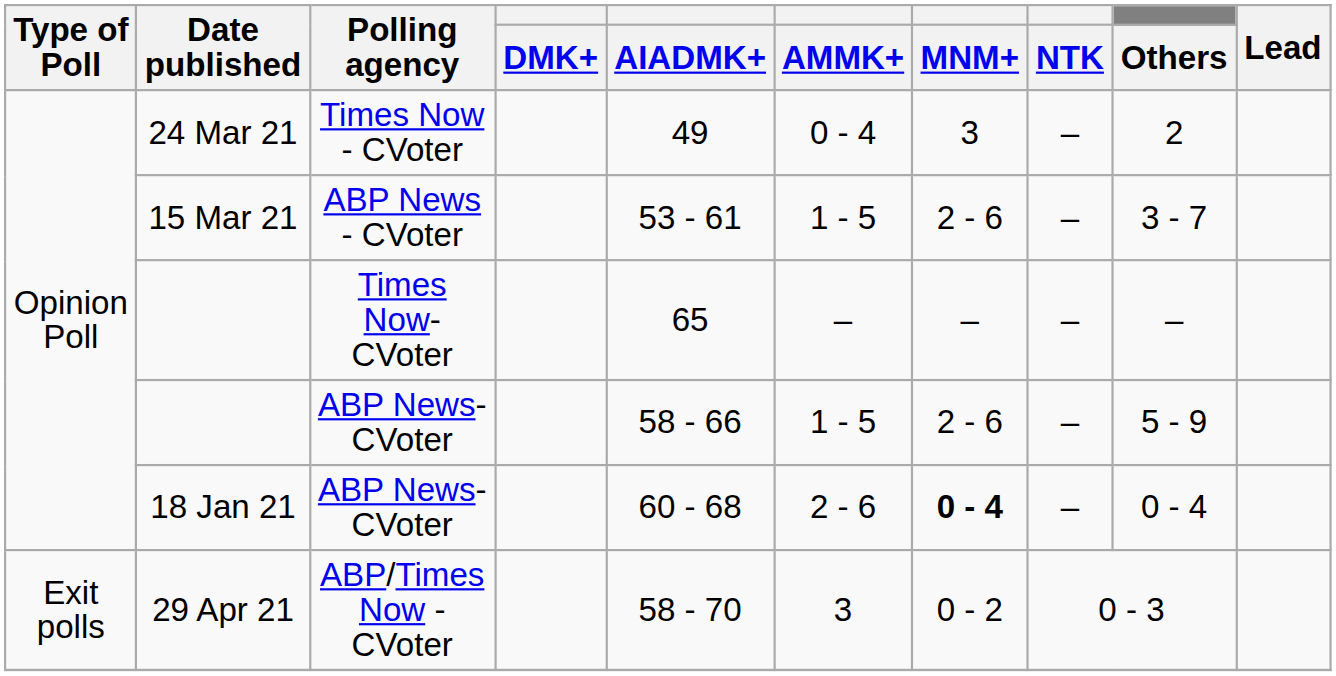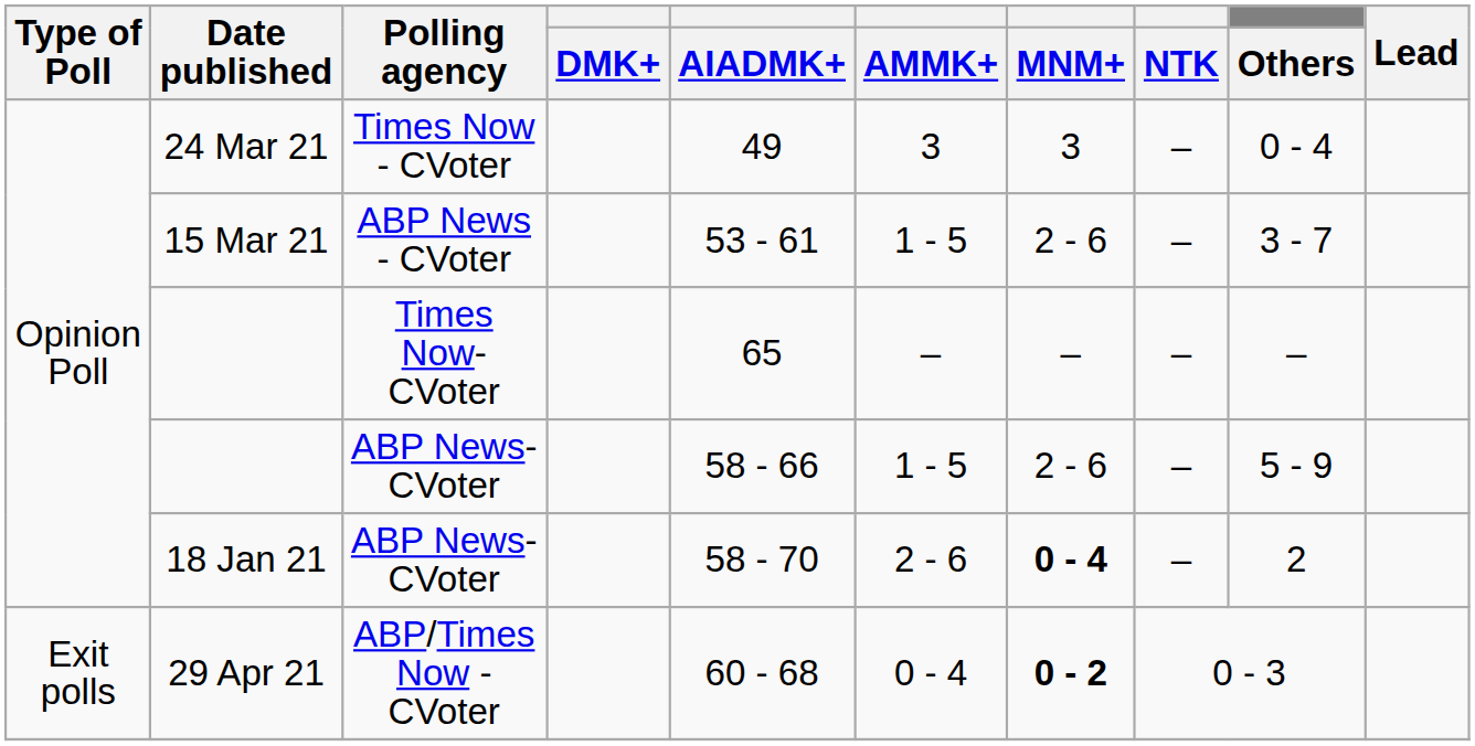 <table class="wikitable sortable" style="text-align:center; font-size:95%; line-height:16px">
 <tr>
 <th rowspan="2" width="100px">Type of Poll</th>
 <th rowspan="2" width="100px">Date published</th>
 <th rowspan="2" width="215px">Polling agency</th>
 <th style="background:"></th>
 <th style="background:"></th>
 <th style="text-align:center; background:"></th>
 <th style="text-align:center; background:"></th>
 <th style="text-align:center; background:"></th>
 <td style="background:gray;"></td>
 <th rowspan="2" width="75px">Lead</th>
 </tr>
 <tr>
 <th style="width:75px;"><a href='#'>DMK+</a></th>
 <th style="width:75px;"><a href='#'>AIADMK+</a></th>
 <th style="width:75px;"><a href='#'>AMMK+</a></th>
 <th style="width:75px;"><a href='#'>MNM+</a></th>
 <th style="width:75px;"><a href='#'>NTK</a></th>
 <th style="width:75px;">Others </th>
 </tr>
 <tr>
 <td rowspan="5">Opinion Poll</td>
 <td>24 Mar 21</td>
 <td><a href='#'>Times Now</a> - CVoter</td>
 <td style="background:"><strong></strong></td>
 <td>49</td>
-<td>0 - 4</td>
+<td>3</td>
 <td>3</td>
 <td>–</td>
-<td>2</td>
+<td>0 - 4</td>
 <td style="background:"><strong></strong></td>
 </tr>
 <tr>
 <td>15 Mar 21</td>
 <td><a href='#'>ABP News</a> - CVoter</td>
 <td style="background:"><strong></strong></td>
 <td>53 - 61</td>
 <td>1 - 5</td>
 <td>2 - 6</td>
 <td>–</td>
 <td>3 - 7</td>
 <td style="background:"><strong></strong></td>
 </tr>
 <tr>
 <td></td>
 <td><a href='#'>Times Now</a>- CVoter</td>
 <td style="background:"><strong></strong></td>
 <td>65</td>
 <td>–</td>
 <td>–</td>
 <td>–</td>
 <td>–</td>
 <td style="background:"><strong></strong></td>
 </tr>
 <tr>
 <td></td>
 <td><a href='#'>ABP News</a>- CVoter</td>
 <td style="background:"><strong></strong></td>
 <td>58 - 66</td>
 <td>1 - 5</td>
 <td>2 - 6</td>
 <td>–</td>
 <td>5 - 9</td>
 <td style="background:"><strong></strong></td>
 </tr>
 <tr>
 <td>18 Jan 21</td>
 <td><a href='#'>ABP News</a>- CVoter</td>
 <td style="background:"><strong></strong></td>
-<td>60 - 68</td>
+<td>58 - 70</td>
 <td>2 - 6</td>
 <td><strong>0 - 4</strong></td>
 <td>–</td>
-<td>0 - 4</td>
+<td>2</td>
 <td style="background:"><strong></strong></td>
 </tr>
 <tr>
 <td>Exit polls</td>
 <td rowspan="1">29 Apr 21</td>
 <td><a href='#'>ABP</a>/<a href='#'>Times Now</a> - CVoter</td>
 <td style="background:"><strong></strong></td>
-<td>58 - 70</td>
-<td>3</td>
-<td>0 - 2</td>
+<td>60 - 68</td>
+<td>0 - 4</td>
+<td><strong>0 - 2</strong></td>
 <td colspan="2">0 - 3</td>
 <td style="background:"><strong></strong></td>
 </tr>
 <tr>
 </tr>
 </table>
